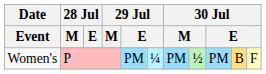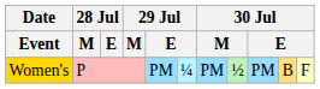 <table class="wikitable olympic-schedule Rugby Sevens">
 <tr>
 <th>Date</th>
 <th colspan="2">28 Jul</th>
 <th colspan="3">29 Jul</th>
 <th colspan="5">30 Jul</th>
 </tr>
 <tr>
 <th>Event</th>
 <th>M</th>
 <th>E</th>
 <th>M</th>
 <th colspan="2">E</th>
 <th colspan="2">M</th>
 <th colspan="3">E</th>
 </tr>
 <tr>
-<td class="event">Women's</td>
+<td class="event" style="background: gold;">Women's</td>
 <td colspan="3" bgcolor="#FFBBBB" class="pool stage">P</td>
 <td bgcolor="#97DEFF" class="placingmatches">PM</td>
 <td bgcolor="#BBF3FF" class="quarterfinals">¼</td>
 <td bgcolor="#97DEFF" class="placingmatches">PM</td>
 <td bgcolor="#BBF3BB" class="semifinal">½</td>
 <td bgcolor="#97DEFF" class="placingmatches">PM</td>
 <td style="background-color:#FFDF80;">B</td>
 <td style="background-color:#FFFFBB;">F</td>
 </tr>
 </table>
